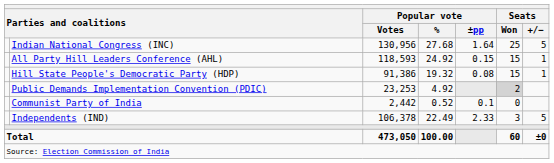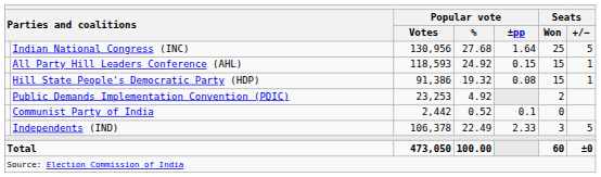 <table class="wikitable" style="text-align:right; font-size:95%;">
 <tr>
 <th colspan=10></th>
 </tr>
 <tr>
 <th style="text-align:left;" rowspan="2" colspan="2" width="485">Parties and coalitions</th>
 <th colspan="3">Popular vote</th>
 <th colspan="2">Seats</th>
 </tr>
 <tr>
 <th width="70">Votes</th>
 <th width="45">%</th>
 <th width="50">±<a href='#'>pp</a></th>
 <th width="30">Won</th>
 <th width="30">+/−</th>
 </tr>
 <tr>
 <td width="1" style="color:inherit;background:"></td>
 <td align="left"><a href='#'>Indian National Congress</a> (INC)</td>
 <td>130,956</td>
 <td>27.68</td>
 <td>1.64 </td>
 <td>25</td>
 <td>5 </td>
 </tr>
 <tr>
 <td width="1" style="color:inherit;background:"></td>
 <td align="left"><a href='#'>All Party Hill Leaders Conference</a> (AHL)</td>
 <td>118,593</td>
 <td>24.92</td>
 <td>0.15 </td>
 <td>15</td>
 <td>1 </td>
 </tr>
 <tr>
 <td width="1" style="color:inherit;background:"></td>
 <td align="left"><a href='#'>Hill State People's Democratic Party</a> (HDP)</td>
 <td>91,386</td>
 <td>19.32</td>
 <td>0.08 </td>
 <td>15</td>
 <td>1 </td>
 </tr>
 <tr>
 <td></td>
 <td align="left"><a href='#'>Public Demands Implementation Convention (PDIC)</a></td>
 <td>23,253</td>
 <td>4.92</td>
 <td style="color:inherit;background:#E9E9E9"></td>
-<td style="background: lightgrey;">2</td>
+<td>2</td>
 <td> </td>
 </tr>
 <tr>
 <td></td>
 <td align="left"><a href='#'>Communist Party of India</a></td>
 <td>2,442</td>
 <td>0.52</td>
 <td>0.1 </td>
 <td>0</td>
 <td></td>
 </tr>
 <tr>
 <td></td>
 <td align="left"><a href='#'>Independents</a> (IND)</td>
 <td>106,378</td>
 <td>22.49</td>
 <td>2.33 </td>
 <td>3</td>
 <td>5 </td>
 </tr>
 <tr>
 <td colspan="7" bgcolor="#E9E9E9"></td>
 </tr>
 <tr style="font-weight:bold;">
 <td align="left" colspan="2">Total</td>
 <td>473,050</td>
 <td>100.00</td>
 <td bgcolor="#E9E9E9"></td>
 <td>60</td>
 <td>±0</td>
 </tr>
 <tr>
 <td style="text-align:left;" colspan="7"><small>Source: <a href='#'>Election Commission of India</a></small></td>
 </tr>
 </table>
